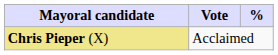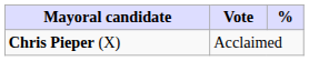 <table class="wikitable">
 <tr>
 <th style="background:#ddf;" width="200px">Mayoral candidate</th>
 <th style="background:#ddf;" width="50px">Vote</th>
 <th style="background:#ddf;" width="30px">%</th>
 </tr>
 <tr>
-<td style="background: khaki;"><strong>Chris Pieper</strong> (X)</td>
+<td><strong>Chris Pieper</strong> (X)</td>
 <td colspan="2">Acclaimed</td>
 </tr>
 </table>
